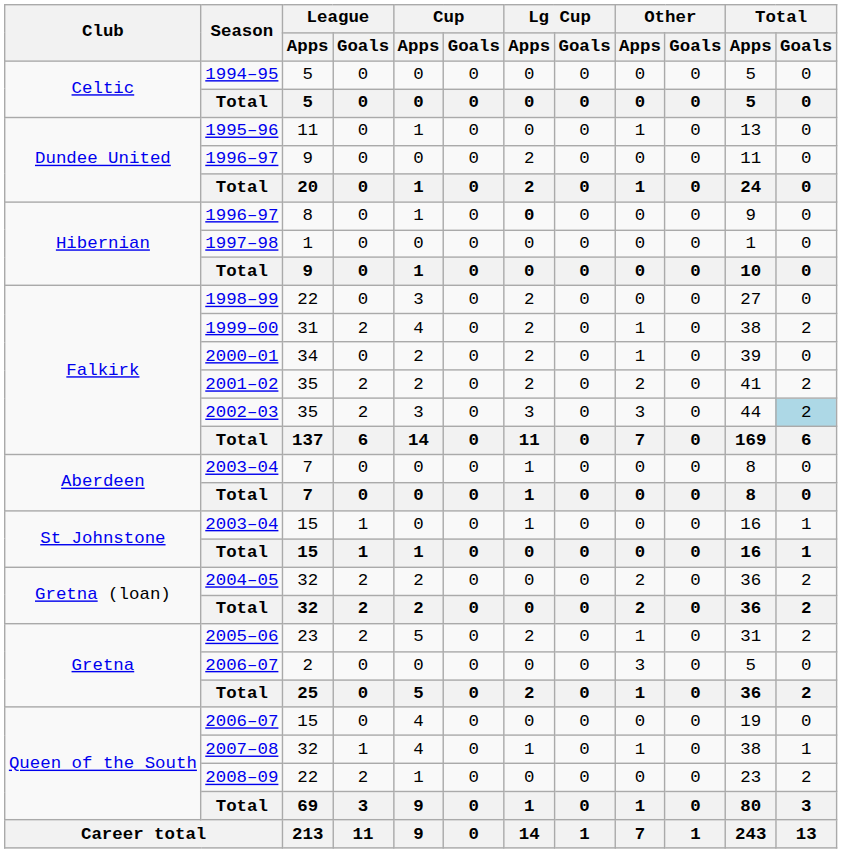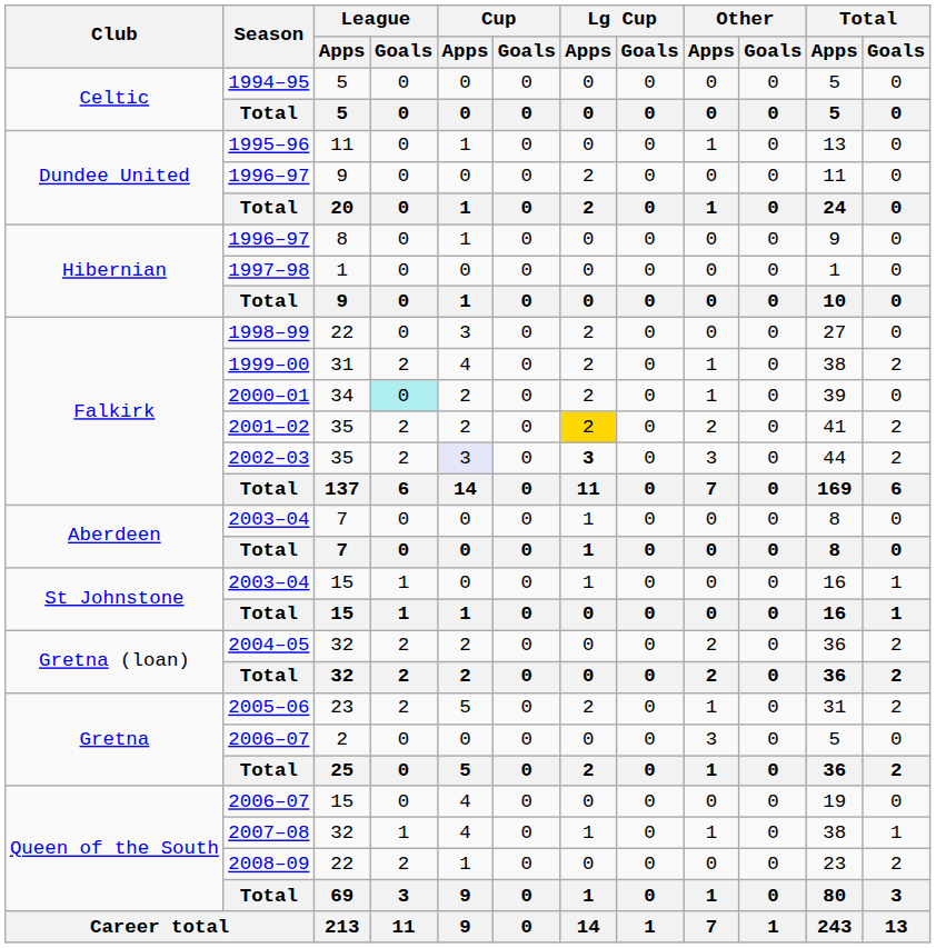 <table class="wikitable" style="font-size:95%; text-align:center">
 <tr>
 <th rowspan="2">Club</th>
 <th rowspan="2">Season</th>
 <th colspan="2">League</th>
 <th colspan="2">Cup</th>
 <th colspan="2">Lg Cup</th>
 <th colspan="2">Other</th>
 <th colspan="2">Total</th>
 </tr>
 <tr>
 <th>Apps</th>
 <th>Goals</th>
 <th>Apps</th>
 <th>Goals</th>
 <th>Apps</th>
 <th>Goals</th>
 <th>Apps</th>
 <th>Goals</th>
 <th>Apps</th>
 <th>Goals</th>
 </tr>
 <tr>
 <td rowspan="2"><a href='#'>Celtic</a></td>
 <td><a href='#'>1994–95</a></td>
 <td>5</td>
 <td>0</td>
 <td>0</td>
 <td>0</td>
 <td>0</td>
 <td>0</td>
 <td>0</td>
 <td>0</td>
 <td>5</td>
 <td>0</td>
 </tr>
 <tr>
 <th>Total</th>
 <th>5</th>
 <th>0</th>
 <th>0</th>
 <th>0</th>
 <th>0</th>
 <th>0</th>
 <th>0</th>
 <th>0</th>
 <th>5</th>
 <th>0</th>
 </tr>
 <tr>
 <td rowspan="3"><a href='#'>Dundee United</a></td>
 <td><a href='#'>1995–96</a></td>
 <td>11</td>
 <td>0</td>
 <td>1</td>
 <td>0</td>
 <td>0</td>
 <td>0</td>
 <td>1</td>
 <td>0</td>
 <td>13</td>
 <td>0</td>
 </tr>
 <tr>
 <td><a href='#'>1996–97</a></td>
 <td>9</td>
 <td>0</td>
 <td>0</td>
 <td>0</td>
 <td>2</td>
 <td>0</td>
 <td>0</td>
 <td>0</td>
 <td>11</td>
 <td>0</td>
 </tr>
 <tr>
 <th>Total</th>
 <th>20</th>
 <th>0</th>
 <th>1</th>
 <th>0</th>
 <th>2</th>
 <th>0</th>
 <th>1</th>
 <th>0</th>
 <th>24</th>
 <th>0</th>
 </tr>
 <tr>
 <td rowspan="3"><a href='#'>Hibernian</a></td>
 <td><a href='#'>1996–97</a></td>
 <td>8</td>
 <td>0</td>
 <td>1</td>
 <td>0</td>
-<td><strong>0</strong></td>
+<td>0</td>
 <td>0</td>
 <td>0</td>
 <td>0</td>
 <td>9</td>
 <td>0</td>
 </tr>
 <tr>
 <td><a href='#'>1997–98</a></td>
 <td>1</td>
 <td>0</td>
 <td>0</td>
 <td>0</td>
 <td>0</td>
 <td>0</td>
 <td>0</td>
 <td>0</td>
 <td>1</td>
 <td>0</td>
 </tr>
 <tr>
 <th>Total</th>
 <th>9</th>
 <th>0</th>
 <th>1</th>
 <th>0</th>
 <th>0</th>
 <th>0</th>
 <th>0</th>
 <th>0</th>
 <th>10</th>
 <th>0</th>
 </tr>
 <tr>
 <td rowspan="6"><a href='#'>Falkirk</a></td>
 <td><a href='#'>1998–99</a></td>
 <td>22</td>
 <td>0</td>
 <td>3</td>
 <td>0</td>
 <td>2</td>
 <td>0</td>
 <td>0</td>
 <td>0</td>
 <td>27</td>
 <td>0</td>
 </tr>
 <tr>
 <td><a href='#'>1999–00</a></td>
 <td>31</td>
 <td>2</td>
 <td>4</td>
 <td>0</td>
 <td>2</td>
 <td>0</td>
 <td>1</td>
 <td>0</td>
 <td>38</td>
 <td>2</td>
 </tr>
 <tr>
 <td><a href='#'>2000–01</a></td>
 <td>34</td>
-<td>0</td>
+<td style="background: paleturquoise;">0</td>
 <td>2</td>
 <td>0</td>
 <td>2</td>
 <td>0</td>
 <td>1</td>
 <td>0</td>
 <td>39</td>
 <td>0</td>
 </tr>
 <tr>
 <td><a href='#'>2001–02</a></td>
 <td>35</td>
 <td>2</td>
 <td>2</td>
 <td>0</td>
-<td>2</td>
+<td style="background: gold;">2</td>
 <td>0</td>
 <td>2</td>
 <td>0</td>
 <td>41</td>
 <td>2</td>
 </tr>
 <tr>
 <td><a href='#'>2002–03</a></td>
 <td>35</td>
 <td>2</td>
-<td>3</td>
+<td style="background: lavender;">3</td>
 <td>0</td>
-<td>3</td>
+<td><strong>3</strong></td>
 <td>0</td>
 <td>3</td>
 <td>0</td>
 <td>44</td>
-<td style="background: lightblue;">2</td>
+<td>2</td>
 </tr>
 <tr>
 <th>Total</th>
 <th>137</th>
 <th>6</th>
 <th>14</th>
 <th>0</th>
 <th>11</th>
 <th>0</th>
 <th>7</th>
 <th>0</th>
 <th>169</th>
 <th>6</th>
 </tr>
 <tr>
 <td rowspan="2"><a href='#'>Aberdeen</a></td>
 <td><a href='#'>2003–04</a></td>
 <td>7</td>
 <td>0</td>
 <td>0</td>
 <td>0</td>
 <td>1</td>
 <td>0</td>
 <td>0</td>
 <td>0</td>
 <td>8</td>
 <td>0</td>
 </tr>
 <tr>
 <th>Total</th>
 <th>7</th>
 <th>0</th>
 <th>0</th>
 <th>0</th>
 <th>1</th>
 <th>0</th>
 <th>0</th>
 <th>0</th>
 <th>8</th>
 <th>0</th>
 </tr>
 <tr>
 <td rowspan="2"><a href='#'>St Johnstone</a></td>
 <td><a href='#'>2003–04</a></td>
 <td>15</td>
 <td>1</td>
 <td>0</td>
 <td>0</td>
 <td>1</td>
 <td>0</td>
 <td>0</td>
 <td>0</td>
 <td>16</td>
 <td>1</td>
 </tr>
 <tr>
 <th>Total</th>
 <th>15</th>
 <th>1</th>
 <th>1</th>
 <th>0</th>
 <th>0</th>
 <th>0</th>
 <th>0</th>
 <th>0</th>
 <th>16</th>
 <th>1</th>
 </tr>
 <tr>
 <td rowspan="2"><a href='#'>Gretna</a> (loan)</td>
 <td><a href='#'>2004–05</a></td>
 <td>32</td>
 <td>2</td>
 <td>2</td>
 <td>0</td>
 <td>0</td>
 <td>0</td>
 <td>2</td>
 <td>0</td>
 <td>36</td>
 <td>2</td>
 </tr>
 <tr>
 <th>Total</th>
 <th>32</th>
 <th>2</th>
 <th>2</th>
 <th>0</th>
 <th>0</th>
 <th>0</th>
 <th>2</th>
 <th>0</th>
 <th>36</th>
 <th>2</th>
 </tr>
 <tr>
 <td rowspan="3"><a href='#'>Gretna</a></td>
 <td><a href='#'>2005–06</a></td>
 <td>23</td>
 <td>2</td>
 <td>5</td>
 <td>0</td>
 <td>2</td>
 <td>0</td>
 <td>1</td>
 <td>0</td>
 <td>31</td>
 <td>2</td>
 </tr>
 <tr>
 <td><a href='#'>2006–07</a></td>
 <td>2</td>
 <td>0</td>
 <td>0</td>
 <td>0</td>
 <td>0</td>
 <td>0</td>
 <td>3</td>
 <td>0</td>
 <td>5</td>
 <td>0</td>
 </tr>
 <tr>
 <th>Total</th>
 <th>25</th>
 <th>0</th>
 <th>5</th>
 <th>0</th>
 <th>2</th>
 <th>0</th>
 <th>1</th>
 <th>0</th>
 <th>36</th>
 <th>2</th>
 </tr>
 <tr>
 <td rowspan="4"><a href='#'>Queen of the South</a></td>
 <td><a href='#'>2006–07</a></td>
 <td>15</td>
 <td>0</td>
 <td>4</td>
 <td>0</td>
 <td>0</td>
 <td>0</td>
 <td>0</td>
 <td>0</td>
 <td>19</td>
 <td>0</td>
 </tr>
 <tr>
 <td><a href='#'>2007–08</a></td>
 <td>32</td>
 <td>1</td>
 <td>4</td>
 <td>0</td>
 <td>1</td>
 <td>0</td>
 <td>1</td>
 <td>0</td>
 <td>38</td>
 <td>1</td>
 </tr>
 <tr>
 <td><a href='#'>2008–09</a></td>
 <td>22</td>
 <td>2</td>
 <td>1</td>
 <td>0</td>
 <td>0</td>
 <td>0</td>
 <td>0</td>
 <td>0</td>
 <td>23</td>
 <td>2</td>
 </tr>
 <tr>
 <th>Total</th>
 <th>69</th>
 <th>3</th>
 <th>9</th>
 <th>0</th>
 <th>1</th>
 <th>0</th>
 <th>1</th>
 <th>0</th>
 <th>80</th>
 <th>3</th>
 </tr>
 <tr>
 <th colspan="2">Career total</th>
 <th>213</th>
 <th>11</th>
 <th>9</th>
 <th>0</th>
 <th>14</th>
 <th>1</th>
 <th>7</th>
 <th>1</th>
 <th>243</th>
 <th>13</th>
 </tr>
 </table>
